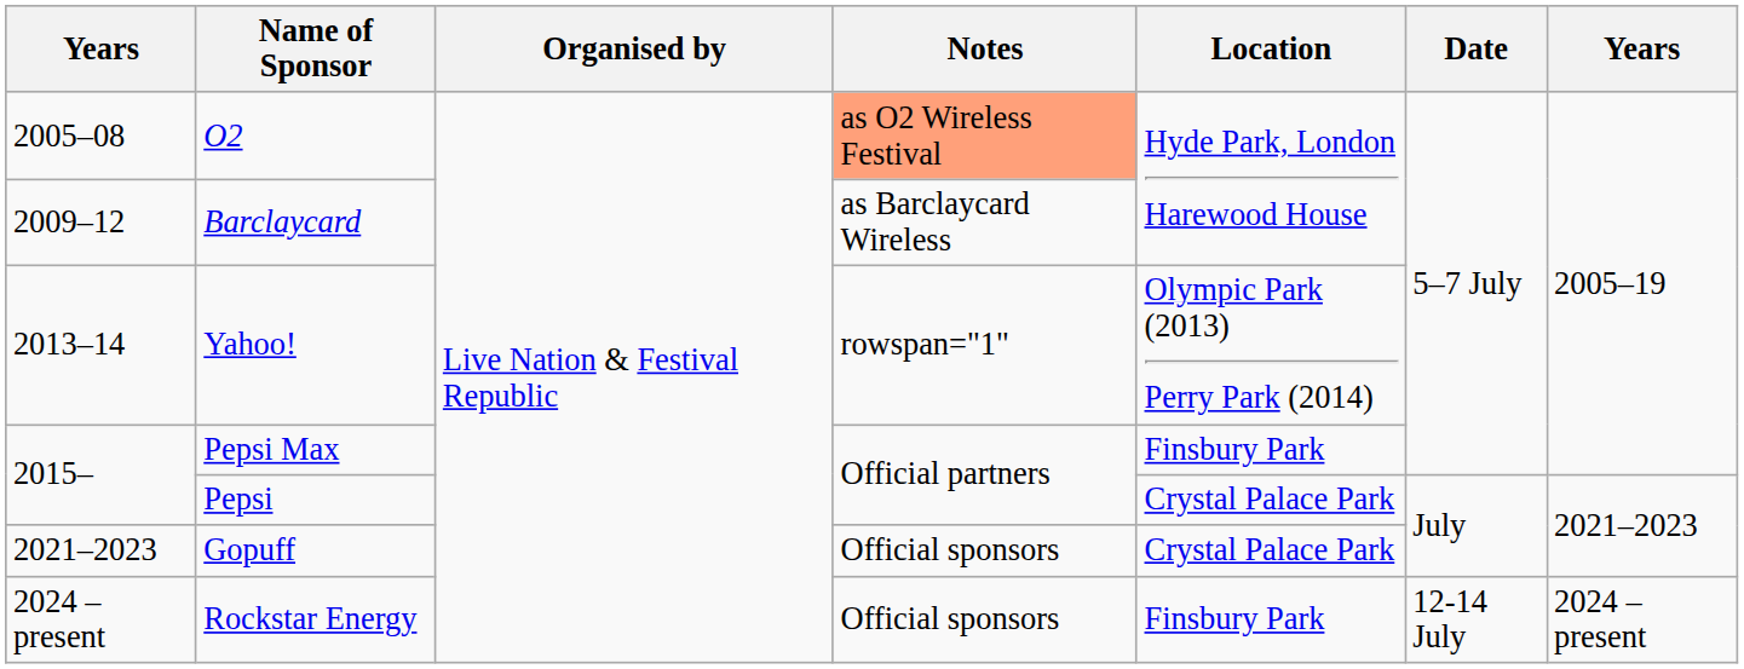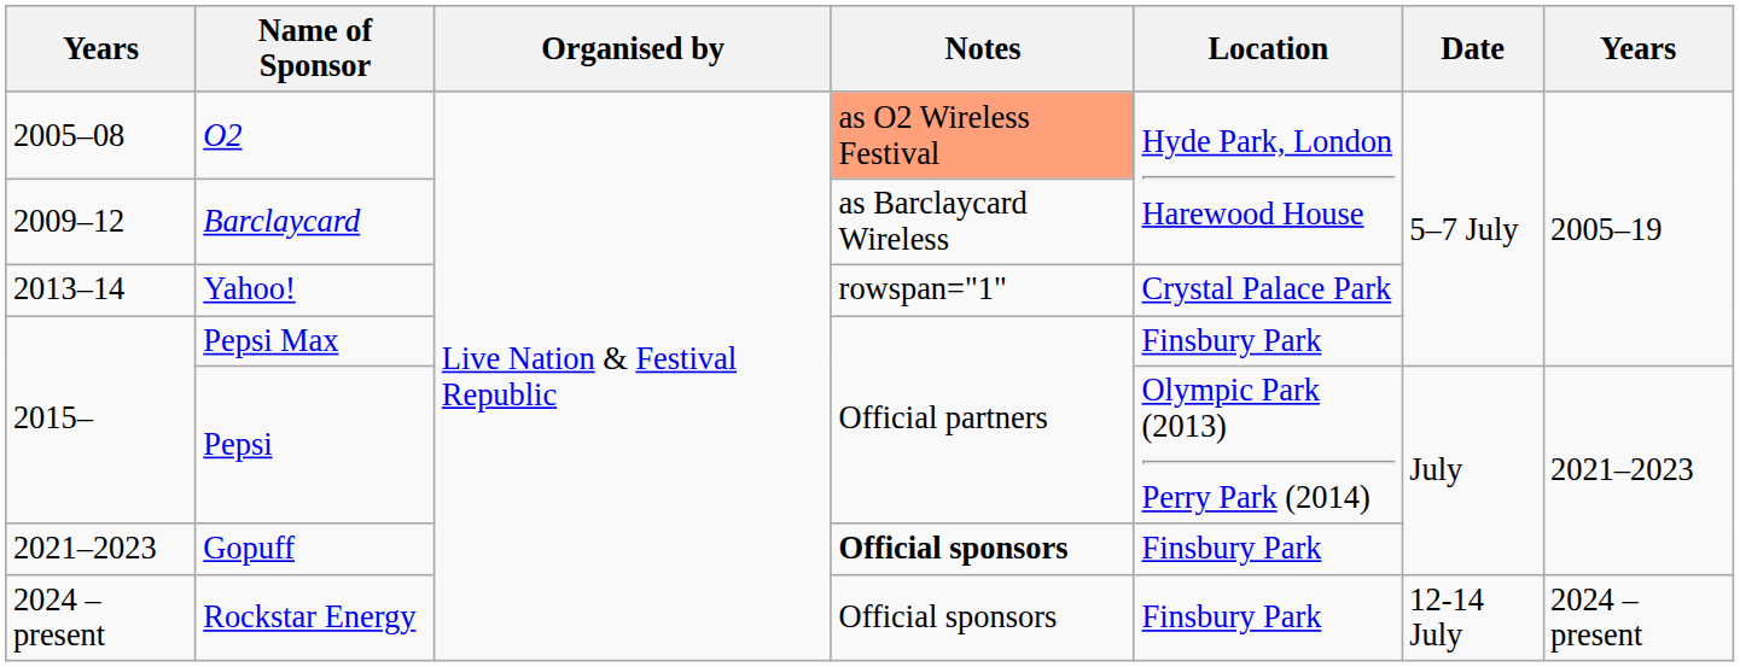 <table class="wikitable">
 <tr>
 <th>Years</th>
 <th>Name of Sponsor</th>
 <th>Organised by</th>
 <th>Notes</th>
 <th>Location</th>
 <th>Date</th>
 <th>Years</th>
 </tr>
 <tr>
 <td>2005–08</td>
 <td><em><a href='#'>O2</a></em></td>
 <td rowspan="8"><a href='#'>Live Nation</a> & <a href='#'>Festival Republic</a></td>
 <td style="background: lightsalmon;">as O2 Wireless Festival</td>
 <td rowspan=2><a href='#'>Hyde Park, London</a><hr><a href='#'>Harewood House</a></td>
 <td rowspan=4>5–7 July</td>
 <td rowspan=4>2005–19</td>
 </tr>
 <tr>
 <td>2009–12</td>
 <td><em><a href='#'>Barclaycard</a></em></td>
 <td>as Barclaycard Wireless</td>
 </tr>
 <tr>
 <td>2013–14</td>
 <td><a href='#'>Yahoo!</a></td>
 <td>rowspan="1" </td>
-<td><a href='#'>Olympic Park</a> (2013)<hr><a href='#'>Perry Park</a> (2014)</td>
+<td><a href='#'>Crystal Palace Park</a></td>
 </tr>
 <tr>
 <td rowspan=2>2015–</td>
 <td rowspan=1><a href='#'>Pepsi Max</a></td>
 <td rowspan=2>Official partners</td>
 <td rowspan=1><a href='#'>Finsbury Park</a></td>
 </tr>
 <tr>
 <td><a href='#'>Pepsi</a></td>
-<td><a href='#'>Crystal Palace Park</a></td>
+<td><a href='#'>Olympic Park</a> (2013)<hr><a href='#'>Perry Park</a> (2014)</td>
 <td rowspan=2>July</td>
 <td rowspan=2>2021–2023</td>
 </tr>
 <tr>
 <td>2021–2023</td>
 <td><a href='#'>Gopuff</a></td>
-<td>Official sponsors</td>
-<td><a href='#'>Crystal Palace Park</a></td>
+<td><strong>Official sponsors</strong></td>
+<td><a href='#'>Finsbury Park</a></td>
 </tr>
 <tr>
 <td>2024 – present</td>
 <td><a href='#'>Rockstar Energy</a></td>
 <td>Official sponsors</td>
 <td><a href='#'>Finsbury Park</a></td>
 <td>12-14 July</td>
 <td>2024 – present</td>
 </tr>
 </table>
